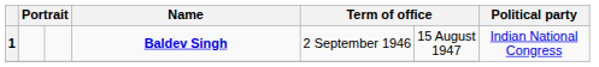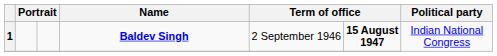 <table class="wikitable" style="text-align:center">
 <tr>
 <th></th>
 <th colspan="2">Portrait</th>
 <th style="width:17em">Name</th>
 <th colspan="2">Term of office</th>
 <th style="width:8em">Political party</th>
 </tr>
 <tr>
 <th>1</th>
 <td></td>
 <td></td>
 <td><strong><a href='#'>Baldev Singh</a></strong></td>
 <td>2 September 1946</td>
-<td>15 August<br>1947</td>
+<td><strong>15 August<br>1947</strong></td>
 <td rowspan="15"><a href='#'>Indian National Congress</a></td>
 </tr>
 <tr>
 </tr>
 </table>
